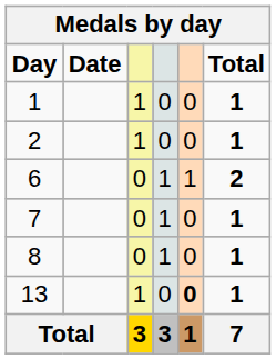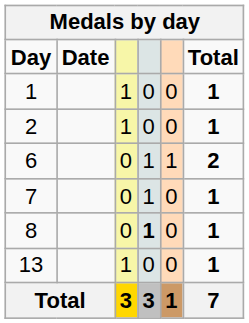 <table class="wikitable" style="font-size:85%; float:right; text-align:center">
 <tr style="background:#efefef;">
 <th colspan=6><strong>Medals by day</strong></th>
 </tr>
 <tr align=center>
 <td><strong>Day</strong></td>
 <td><strong>Date</strong></td>
 <td style="background:#f7f6a8;"></td>
 <td style="background:#dce5e5;"></td>
 <td style="background:#ffdab9;"></td>
 <td><strong>Total</strong></td>
 </tr>
 <tr align=center>
 <td>1</td>
 <td></td>
 <td style="background:#F7F6A8;">1</td>
 <td style="background:#DCE5E5;">0</td>
 <td style="background:#FFDAB9;">0</td>
 <td><strong>1</strong></td>
 </tr>
 <tr align=center>
 <td>2</td>
 <td></td>
 <td style="background:#F7F6A8;">1</td>
 <td style="background:#DCE5E5;">0</td>
 <td style="background:#FFDAB9;">0</td>
 <td><strong>1</strong></td>
 </tr>
 <tr align=center>
 <td>6</td>
 <td></td>
 <td style="background:#F7F6A8;">0</td>
 <td style="background:#DCE5E5;">1</td>
 <td style="background:#FFDAB9;">1</td>
 <td><strong>2</strong></td>
 </tr>
 <tr align=center>
 <td>7</td>
 <td></td>
 <td style="background:#F7F6A8;">0</td>
 <td style="background:#DCE5E5;">1</td>
 <td style="background:#FFDAB9;">0</td>
 <td><strong>1</strong></td>
 </tr>
 <tr align=center>
 <td>8</td>
 <td></td>
 <td style="background:#F7F6A8;">0</td>
-<td style="background:#DCE5E5;">1</td>
+<td style="background:#DCE5E5;"><strong>1</strong></td>
 <td style="background:#FFDAB9;">0</td>
 <td><strong>1</strong></td>
 </tr>
 <tr align=center>
 <td>13</td>
 <td></td>
 <td style="background:#F7F6A8;">1</td>
 <td style="background:#DCE5E5;">0</td>
-<td style="background:#FFDAB9;"><strong>0</strong></td>
+<td style="background:#FFDAB9;">0</td>
 <td><strong>1</strong></td>
 </tr>
 <tr align=center>
 <th colspan=2><strong>Total</strong></th>
 <th style="background:gold;"><strong>3</strong></th>
 <th style="background:silver;"><strong>3</strong></th>
 <th style="background:#c96;"><strong>1</strong></th>
 <th><strong>7</strong></th>
 </tr>
 </table>
